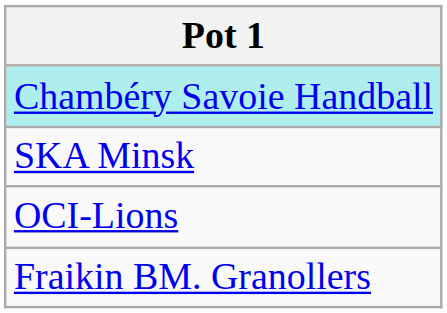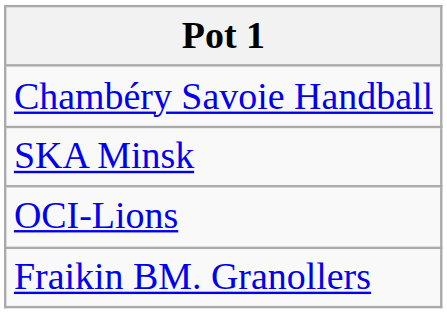 <table class="wikitable" style="float:left; margin-right:0.5em">
 <tr>
 <th>Pot 1</th>
 </tr>
 <tr>
-<td style="background: paleturquoise;"> <a href='#'>Chambéry Savoie Handball</a></td>
+<td> <a href='#'>Chambéry Savoie Handball</a></td>
 </tr>
 <tr>
 <td> <a href='#'>SKA Minsk</a></td>
 </tr>
 <tr>
 <td> <a href='#'>OCI-Lions</a></td>
 </tr>
 <tr>
 <td> <a href='#'>Fraikin BM. Granollers</a></td>
 </tr>
 </table>
